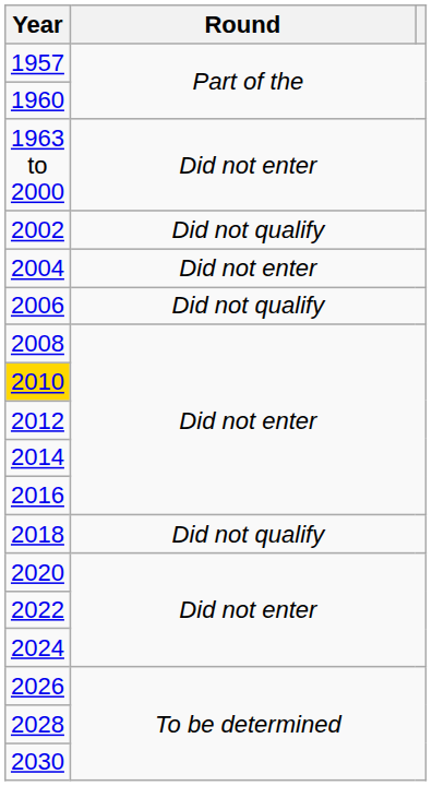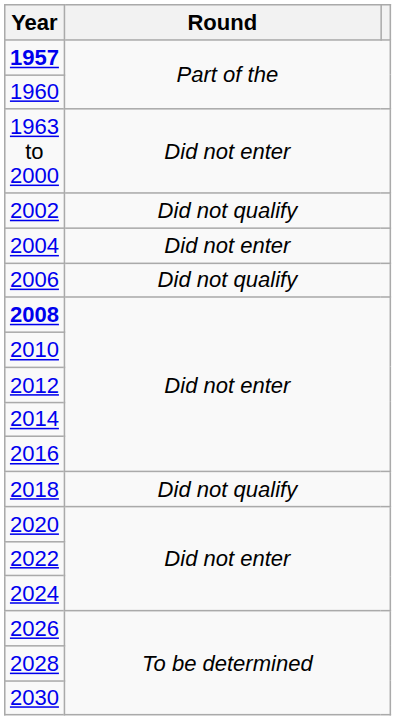 <table class="wikitable" style="text-align: center; font-size:90%">
 <tr>
 <th>Year</th>
 <th style="width:200px">Round</th>
 <th></th>
 </tr>
 <tr>
-<td><a href='#'>1957</a></td>
+<td><strong><a href='#'>1957</a></strong></td>
 <td colspan="2" rowspan="2"><em>Part of the </em></td>
 </tr>
 <tr>
 <td><a href='#'>1960</a></td>
 </tr>
 <tr>
 <td><a href='#'>1963</a><br>to<br><a href='#'>2000</a></td>
 <td colspan="2"><em>Did not enter</em></td>
 </tr>
 <tr>
 <td><a href='#'>2002</a></td>
 <td colspan="2"><em>Did not qualify</em></td>
 </tr>
 <tr>
 <td><a href='#'>2004</a></td>
 <td colspan="2"><em>Did not enter</em></td>
 </tr>
 <tr>
 <td><a href='#'>2006</a></td>
 <td colspan="2"><em>Did not qualify</em></td>
 </tr>
 <tr>
-<td><a href='#'>2008</a></td>
+<td><strong><a href='#'>2008</a></strong></td>
 <td colspan="2" rowspan="5"><em>Did not enter</em></td>
 </tr>
 <tr>
-<td style="background: gold;"><a href='#'>2010</a></td>
+<td><a href='#'>2010</a></td>
 </tr>
 <tr>
 <td><a href='#'>2012</a></td>
 </tr>
 <tr>
 <td><a href='#'>2014</a></td>
 </tr>
 <tr>
 <td><a href='#'>2016</a></td>
 </tr>
 <tr>
 <td><a href='#'>2018</a></td>
 <td colspan="2"><em>Did not qualify</em></td>
 </tr>
 <tr>
 <td><a href='#'>2020</a></td>
 <td colspan="2" rowspan="3"><em>Did not enter</em></td>
 </tr>
 <tr>
 <td><a href='#'>2022</a></td>
 </tr>
 <tr>
 <td><a href='#'>2024</a></td>
 </tr>
 <tr>
 <td><a href='#'>2026</a></td>
 <td colspan="2" rowspan="3"><em>To be determined</em></td>
 </tr>
 <tr>
 <td><a href='#'>2028</a></td>
 </tr>
 <tr>
 <td><a href='#'>2030</a></td>
 </tr>
 </table>
